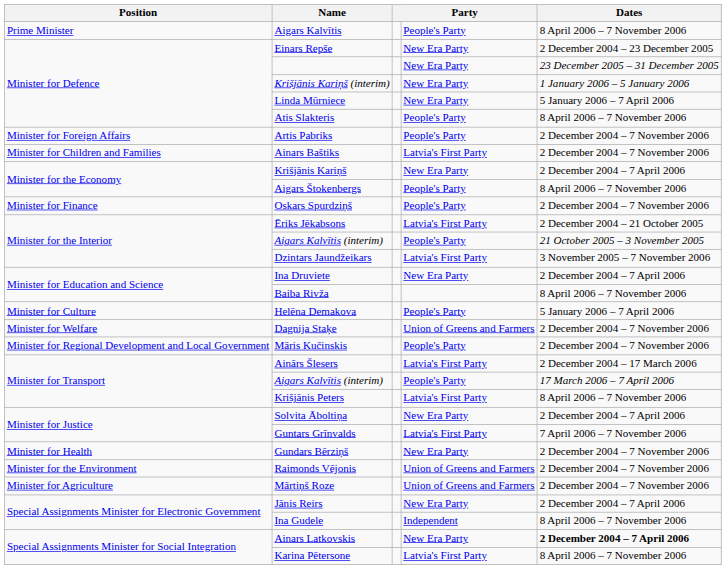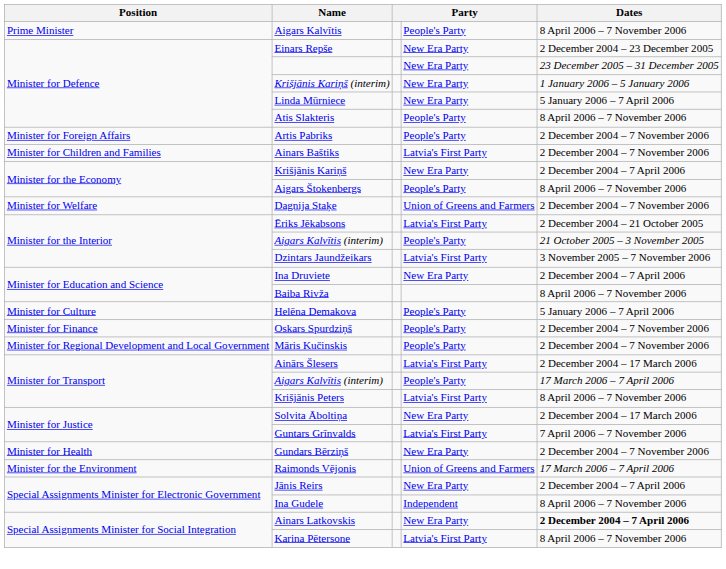 <table class="wikitable">
 <tr>
 <th>Position</th>
 <th>Name</th>
 <th colspan=2>Party</th>
 <th>Dates</th>
 </tr>
 <tr>
 <td><a href='#'>Prime Minister</a></td>
 <td><a href='#'>Aigars Kalvītis</a></td>
 <td width=5px style="background-color: "></td>
 <td><a href='#'>People's Party</a></td>
 <td>8 April 2006 – 7 November 2006</td>
 </tr>
 <tr>
 <td rowspan="5"><a href='#'>Minister for Defence</a></td>
 <td><a href='#'>Einars Repše</a></td>
 <td style="background-color: "></td>
 <td><a href='#'>New Era Party</a></td>
 <td>2 December 2004 – 23 December 2005</td>
 </tr>
 <tr>
 <td></td>
 <td style="background-color: "></td>
 <td><a href='#'>New Era Party</a></td>
 <td><em>23 December 2005 – 31 December 2005</em></td>
 </tr>
 <tr>
 <td><em><a href='#'>Krišjānis Kariņš</a> (interim)</em></td>
 <td style="background-color: "></td>
 <td><a href='#'>New Era Party</a></td>
 <td><em>1 January 2006 – 5 January 2006</em></td>
 </tr>
 <tr>
 <td><a href='#'>Linda Mūrniece</a></td>
 <td style="background-color: "></td>
 <td><a href='#'>New Era Party</a></td>
 <td>5 January 2006 – 7 April 2006</td>
 </tr>
 <tr>
 <td><a href='#'>Atis Slakteris</a></td>
 <td style="background-color: "></td>
 <td><a href='#'>People's Party</a></td>
 <td>8 April 2006 – 7 November 2006</td>
 </tr>
 <tr>
 <td><a href='#'>Minister for Foreign Affairs</a></td>
 <td><a href='#'>Artis Pabriks</a></td>
 <td style="background-color: "></td>
 <td><a href='#'>People's Party</a></td>
 <td>2 December 2004 – 7 November 2006</td>
 </tr>
 <tr>
 <td><a href='#'>Minister for Children and Families</a></td>
 <td><a href='#'>Ainars Baštiks</a></td>
 <td style="background-color: "></td>
 <td><a href='#'>Latvia's First Party</a></td>
 <td>2 December 2004 – 7 November 2006</td>
 </tr>
 <tr>
 <td rowspan="2"><a href='#'>Minister for the Economy</a></td>
 <td><a href='#'>Krišjānis Kariņš</a></td>
 <td style="background-color: "></td>
 <td><a href='#'>New Era Party</a></td>
 <td>2 December 2004 – 7 April 2006</td>
 </tr>
 <tr>
 <td><a href='#'>Aigars Štokenbergs</a></td>
 <td style="background-color: "></td>
 <td><a href='#'>People's Party</a></td>
 <td>8 April 2006 – 7 November 2006</td>
 </tr>
 <tr>
-<td><a href='#'>Minister for Finance</a></td>
-<td><a href='#'>Oskars Spurdziņš</a></td>
+<td><a href='#'>Minister for Welfare</a></td>
+<td><a href='#'>Dagnija Staķe</a></td>
 <td style="background-color: "></td>
-<td><a href='#'>People's Party</a></td>
+<td><a href='#'>Union of Greens and Farmers</a></td>
 <td>2 December 2004 – 7 November 2006</td>
 </tr>
 <tr>
 <td rowspan="3"><a href='#'>Minister for the Interior</a></td>
 <td><a href='#'>Ēriks Jēkabsons</a></td>
 <td style="background-color: "></td>
 <td><a href='#'>Latvia's First Party</a></td>
 <td>2 December 2004 – 21 October 2005</td>
 </tr>
 <tr>
 <td><em><a href='#'>Aigars Kalvītis</a> (interim)</em></td>
 <td style="background-color: "></td>
 <td><a href='#'>People's Party</a></td>
 <td><em>21 October 2005 – 3 November 2005</em></td>
 </tr>
 <tr>
 <td><a href='#'>Dzintars Jaundžeikars</a></td>
 <td style="background-color: "></td>
 <td><a href='#'>Latvia's First Party</a></td>
 <td>3 November 2005 – 7 November 2006</td>
 </tr>
 <tr>
 <td rowspan="2"><a href='#'>Minister for Education and Science</a></td>
 <td><a href='#'>Ina Druviete</a></td>
 <td style="background-color: "></td>
 <td><a href='#'>New Era Party</a></td>
 <td>2 December 2004 – 7 April 2006</td>
 </tr>
 <tr>
 <td><a href='#'>Baiba Rivža</a></td>
 <td style="background-color: "></td>
 <td></td>
 <td>8 April 2006 – 7 November 2006</td>
 </tr>
 <tr>
 <td><a href='#'>Minister for Culture</a></td>
 <td><a href='#'>Helēna Demakova</a></td>
 <td style="background-color: "></td>
 <td><a href='#'>People's Party</a></td>
 <td>5 January 2006 – 7 April 2006</td>
 </tr>
 <tr>
-<td><a href='#'>Minister for Welfare</a></td>
-<td><a href='#'>Dagnija Staķe</a></td>
+<td><a href='#'>Minister for Finance</a></td>
+<td><a href='#'>Oskars Spurdziņš</a></td>
 <td style="background-color: "></td>
-<td><a href='#'>Union of Greens and Farmers</a></td>
+<td><a href='#'>People's Party</a></td>
 <td>2 December 2004 – 7 November 2006</td>
 </tr>
 <tr>
 <td><a href='#'>Minister for Regional Development and Local Government</a></td>
 <td><a href='#'>Māris Kučinskis</a></td>
 <td style="background-color: "></td>
 <td><a href='#'>People's Party</a></td>
 <td>2 December 2004 – 7 November 2006</td>
 </tr>
 <tr>
 <td rowspan="3"><a href='#'>Minister for Transport</a></td>
 <td><a href='#'>Ainārs Šlesers</a></td>
 <td style="background-color: "></td>
 <td><a href='#'>Latvia's First Party</a></td>
 <td>2 December 2004 – 17 March 2006</td>
 </tr>
 <tr>
 <td><em><a href='#'>Aigars Kalvītis</a> (interim)</em></td>
 <td style="background-color: "></td>
 <td><a href='#'>People's Party</a></td>
 <td><em>17 March 2006 – 7 April 2006</em></td>
 </tr>
 <tr>
 <td><a href='#'>Krišjānis Peters</a></td>
 <td style="background-color: "></td>
 <td><a href='#'>Latvia's First Party</a></td>
 <td>8 April 2006 – 7 November 2006</td>
 </tr>
 <tr>
 <td rowspan="2"><a href='#'>Minister for Justice</a></td>
 <td><a href='#'>Solvita Āboltiņa</a></td>
 <td style="background-color: "></td>
 <td><a href='#'>New Era Party</a></td>
-<td>2 December 2004 – 7 April 2006</td>
+<td>2 December 2004 – 17 March 2006</td>
 </tr>
 <tr>
 <td><a href='#'>Guntars Grīnvalds</a></td>
 <td style="background-color: "></td>
 <td><a href='#'>Latvia's First Party</a></td>
 <td>7 April 2006 – 7 November 2006</td>
 </tr>
 <tr>
 <td><a href='#'>Minister for Health</a></td>
 <td><a href='#'>Gundars Bērziņš</a></td>
 <td style="background-color: "></td>
 <td><a href='#'>New Era Party</a></td>
 <td>2 December 2004 – 7 November 2006</td>
 </tr>
 <tr>
 <td><a href='#'>Minister for the Environment</a></td>
 <td><a href='#'>Raimonds Vējonis</a></td>
 <td style="background-color: "></td>
 <td><a href='#'>Union of Greens and Farmers</a></td>
-<td>2 December 2004 – 7 November 2006</td>
-</tr>
-<tr>
-<td><a href='#'>Minister for Agriculture</a></td>
-<td><a href='#'>Mārtiņš Roze</a></td>
-<td style="background-color: "></td>
-<td><a href='#'>Union of Greens and Farmers</a></td>
-<td>2 December 2004 – 7 November 2006</td>
+<td><em>17 March 2006 – 7 April 2006</em></td>
 </tr>
 <tr>
 <td rowspan="2"><a href='#'>Special Assignments Minister for Electronic Government</a></td>
 <td><a href='#'>Jānis Reirs</a></td>
 <td style="background-color: "></td>
 <td><a href='#'>New Era Party</a></td>
 <td>2 December 2004 – 7 April 2006</td>
 </tr>
 <tr>
 <td><a href='#'>Ina Gudele</a></td>
 <td style="background-color: "></td>
 <td><a href='#'>Independent</a></td>
 <td>8 April 2006 – 7 November 2006</td>
 </tr>
 <tr>
 <td rowspan="2"><a href='#'>Special Assignments Minister for Social Integration</a></td>
 <td><a href='#'>Ainars Latkovskis</a></td>
 <td style="background-color: "></td>
 <td><a href='#'>New Era Party</a></td>
 <td><strong>2 December 2004 – 7 April 2006</strong></td>
 </tr>
 <tr>
 <td><a href='#'>Karina Pētersone</a></td>
 <td style="background-color: "></td>
 <td><a href='#'>Latvia's First Party</a></td>
 <td>8 April 2006 – 7 November 2006</td>
 </tr>
 </table>
